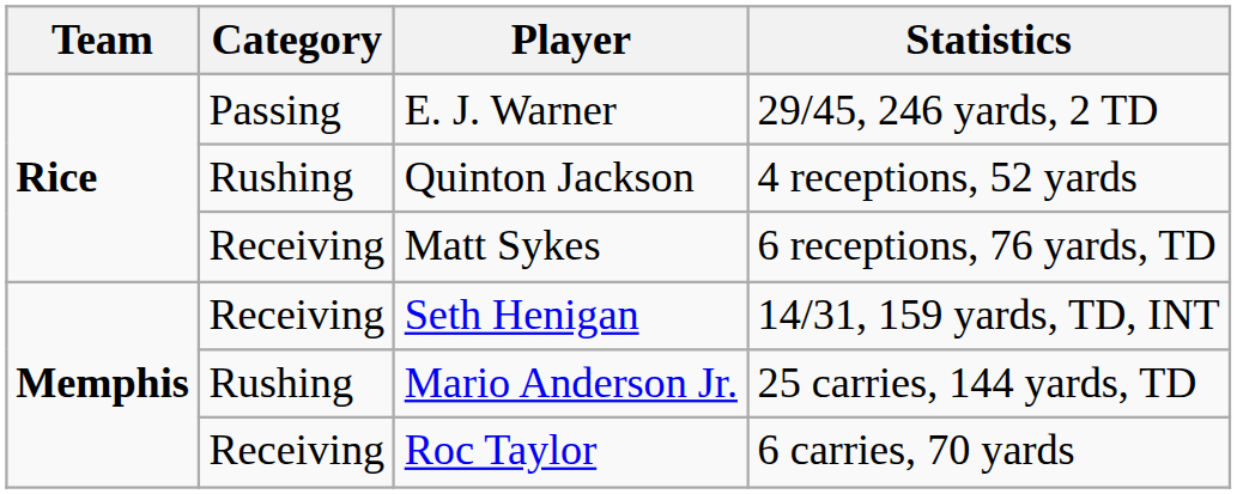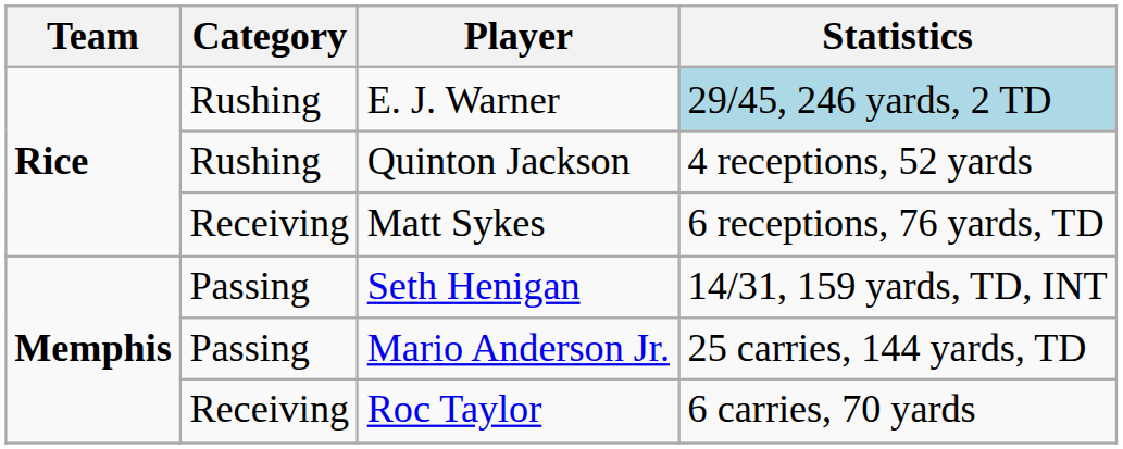 <table class="wikitable" style="float: right;">
 <tr>
 <th>Team</th>
 <th>Category</th>
 <th>Player</th>
 <th>Statistics</th>
 </tr>
 <tr>
 <td rowspan=3><strong>Rice</strong></td>
-<td>Passing</td>
+<td>Rushing</td>
 <td>E. J. Warner</td>
-<td>29/45, 246 yards, 2 TD</td>
+<td style="background: lightblue;">29/45, 246 yards, 2 TD</td>
 </tr>
 <tr>
 <td>Rushing</td>
 <td>Quinton Jackson</td>
 <td>4 receptions, 52 yards</td>
 </tr>
 <tr>
 <td>Receiving</td>
 <td>Matt Sykes</td>
 <td>6 receptions, 76 yards, TD</td>
 </tr>
 <tr>
 <td rowspan=3><strong>Memphis</strong></td>
-<td>Receiving</td>
+<td>Passing</td>
 <td><a href='#'>Seth Henigan</a></td>
 <td>14/31, 159 yards, TD, INT</td>
 </tr>
 <tr>
-<td>Rushing</td>
+<td>Passing</td>
 <td><a href='#'>Mario Anderson Jr.</a></td>
 <td>25 carries, 144 yards, TD</td>
 </tr>
 <tr>
 <td>Receiving</td>
 <td><a href='#'>Roc Taylor</a></td>
 <td>6 carries, 70 yards</td>
 </tr>
 </table>
